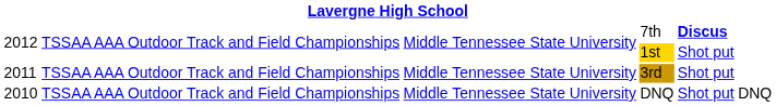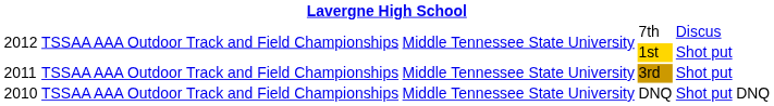 <table>
 <tr>
 <th colspan=6><a href='#'>Lavergne High School</a></th>
 </tr>
 <tr>
 <td rowspan=2>2012</td>
 <td rowspan=2><a href='#'>TSSAA AAA Outdoor Track and Field Championships</a></td>
 <td rowspan=2><a href='#'>Middle Tennessee State University</a></td>
 <td>7th</td>
-<td><strong><a href='#'>Discus</a></strong></td>
+<td><a href='#'>Discus</a></td>
 <td></td>
 </tr>
 <tr>
 <td bgcolor=gold>1st</td>
 <td><a href='#'>Shot put</a></td>
 <td></td>
 </tr>
 <tr>
 <td>2011</td>
 <td><a href='#'>TSSAA AAA Outdoor Track and Field Championships</a></td>
 <td><a href='#'>Middle Tennessee State University</a></td>
 <td bgcolor=cc9900>3rd</td>
 <td><a href='#'>Shot put</a></td>
 <td></td>
 </tr>
 <tr>
 <td>2010</td>
 <td><a href='#'>TSSAA AAA Outdoor Track and Field Championships</a></td>
 <td><a href='#'>Middle Tennessee State University</a></td>
 <td>DNQ</td>
 <td><a href='#'>Shot put</a></td>
 <td>DNQ</td>
 </tr>
 </table>
